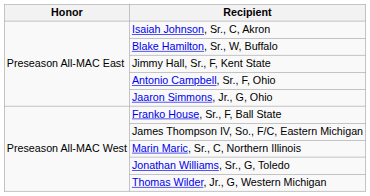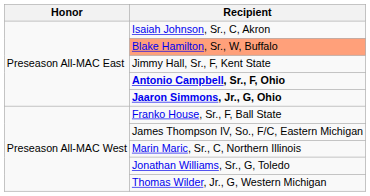 <table class="wikitable" border="1">
 <tr>
 <th>Honor</th>
 <th>Recipient</th>
 </tr>
 <tr>
 <td rowspan=5 valign=middle>Preseason All-MAC East</td>
 <td><a href='#'>Isaiah Johnson</a>, Sr., C, Akron</td>
 </tr>
 <tr>
-<td><a href='#'>Blake Hamilton</a>, Sr., W, Buffalo</td>
+<td style="background: lightsalmon;"><a href='#'>Blake Hamilton</a>, Sr., W, Buffalo</td>
 </tr>
 <tr>
 <td>Jimmy Hall, Sr., F, Kent State</td>
 </tr>
 <tr>
-<td><a href='#'>Antonio Campbell</a>, Sr., F, Ohio</td>
+<td><strong><a href='#'>Antonio Campbell</a>, Sr., F, Ohio</strong></td>
 </tr>
 <tr>
-<td><a href='#'>Jaaron Simmons</a>, Jr., G, Ohio</td>
+<td><strong><a href='#'>Jaaron Simmons</a>, Jr., G, Ohio</strong></td>
 </tr>
 <tr>
 <td rowspan=6 valign=middle>Preseason All-MAC West</td>
 <td><a href='#'>Franko House</a>, Sr., F, Ball State</td>
 </tr>
 <tr>
 <td>James Thompson IV, So., F/C, Eastern Michigan</td>
 </tr>
 <tr>
 <td><a href='#'>Marin Maric</a>, Sr., C, Northern Illinois</td>
 </tr>
 <tr>
 <td><a href='#'>Jonathan Williams</a>, Sr., G, Toledo</td>
 </tr>
 <tr>
 <td><a href='#'>Thomas Wilder</a>, Jr., G, Western Michigan</td>
 </tr>
 </table>
